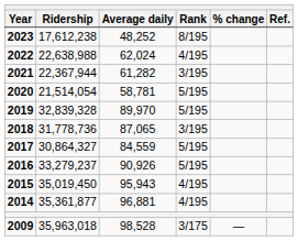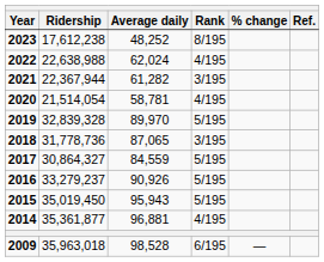 <table class="wikitable sortable" style="text-align:right;">
 <tr>
 <th colspan="6" style="background-color:#"></th>
 </tr>
 <tr style="font-size:95%; text-align:center">
 <th style="border-bottom:1px solid black">Year</th>
 <th style="border-bottom:1px solid black">Ridership</th>
 <th style="border-bottom:1px solid black">Average daily</th>
 <th style="border-bottom:1px solid black">Rank</th>
 <th style="border-bottom:1px solid black">% change</th>
 <th style="border-bottom:1px solid black">Ref.</th>
 </tr>
 <tr style="text-align:center;">
 <td><strong>2023</strong></td>
 <td>17,612,238</td>
 <td>48,252</td>
 <td>8/195</td>
 <td></td>
 <td></td>
 </tr>
 <tr style="text-align:center;">
 <td><strong>2022</strong></td>
 <td>22,638,988</td>
 <td>62,024</td>
 <td>4/195</td>
 <td></td>
 <td></td>
 </tr>
 <tr style="text-align:center;">
 <td><strong>2021</strong></td>
 <td>22,367,944</td>
 <td>61,282</td>
 <td>3/195</td>
 <td></td>
 <td></td>
 </tr>
 <tr style="text-align:center;">
 <td><strong>2020</strong></td>
 <td>21,514,054</td>
 <td>58,781</td>
-<td>5/195</td>
+<td>4/195</td>
 <td></td>
 <td></td>
 </tr>
 <tr style="text-align:center;">
 <td><strong>2019</strong></td>
 <td>32,839,328</td>
 <td>89,970</td>
 <td>5/195</td>
 <td></td>
 <td></td>
 </tr>
 <tr style="text-align:center;">
 <td><strong>2018</strong></td>
 <td>31,778,736</td>
 <td>87,065</td>
 <td>3/195</td>
 <td></td>
 <td></td>
 </tr>
 <tr style="text-align:center;">
 <td><strong>2017</strong></td>
 <td>30,864,327</td>
 <td>84,559</td>
 <td>5/195</td>
 <td></td>
 <td></td>
 </tr>
 <tr style="text-align:center;">
 <td><strong>2016</strong></td>
 <td>33,279,237</td>
 <td>90,926</td>
 <td>5/195</td>
 <td></td>
 <td></td>
 </tr>
 <tr style="text-align:center;">
 <td><strong>2015</strong></td>
 <td>35,019,450</td>
 <td>95,943</td>
-<td>4/195</td>
+<td>5/195</td>
 <td></td>
 <td></td>
 </tr>
 <tr style="text-align:center;">
 <td><strong>2014</strong></td>
 <td>35,361,877</td>
 <td>96,881</td>
 <td>4/195</td>
 <td></td>
 <td></td>
 </tr>
 <tr>
 <th colspan="6" style="background-color:#"></th>
 </tr>
 <tr style="text-align:center;">
 <td><strong>2009</strong></td>
 <td>35,963,018</td>
 <td>98,528</td>
-<td>3/175</td>
+<td>6/195</td>
 <td>—</td>
 <td></td>
 </tr>
 </table>
